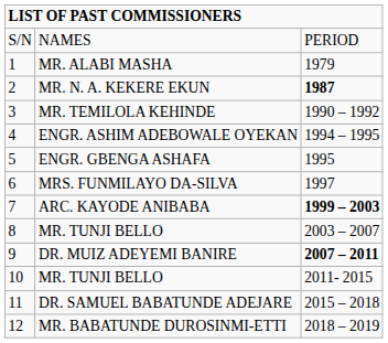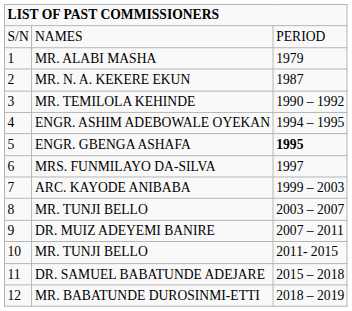 <table class="wikitable">
 <tr>
 <td colspan="3"><strong>LIST OF PAST COMMISSIONERS</strong></td>
 </tr>
 <tr>
 <td>S/N</td>
 <td>NAMES</td>
 <td>PERIOD</td>
 </tr>
 <tr>
 <td>1</td>
 <td>MR. ALABI MASHA</td>
 <td>1979</td>
 </tr>
 <tr>
 <td>2</td>
 <td>MR. N. A. KEKERE EKUN</td>
-<td><strong>1987</strong></td>
+<td>1987</td>
 </tr>
 <tr>
 <td>3</td>
 <td>MR. TEMILOLA KEHINDE</td>
 <td>1990 – 1992</td>
 </tr>
 <tr>
 <td>4</td>
 <td>ENGR. ASHIM ADEBOWALE OYEKAN</td>
 <td>1994 – 1995</td>
 </tr>
 <tr>
 <td>5</td>
 <td>ENGR. GBENGA  ASHAFA</td>
-<td>1995</td>
+<td><strong>1995</strong></td>
 </tr>
 <tr>
 <td>6</td>
 <td>MRS. FUNMILAYO DA-SILVA</td>
 <td>1997</td>
 </tr>
 <tr>
 <td>7</td>
 <td>ARC. KAYODE ANIBABA</td>
-<td><strong>1999 – 2003</strong></td>
+<td>1999 – 2003</td>
 </tr>
 <tr>
 <td>8</td>
 <td>MR. TUNJI BELLO</td>
 <td>2003 – 2007</td>
 </tr>
 <tr>
 <td>9</td>
 <td>DR. MUIZ ADEYEMI BANIRE</td>
-<td><strong>2007 – 2011</strong></td>
+<td>2007 – 2011</td>
 </tr>
 <tr>
 <td>10</td>
 <td>MR. TUNJI BELLO</td>
 <td>2011- 2015</td>
 </tr>
 <tr>
 <td>11</td>
 <td>DR. SAMUEL BABATUNDE ADEJARE</td>
 <td>2015 – 2018</td>
 </tr>
 <tr>
 <td>12</td>
 <td>MR. BABATUNDE DUROSINMI-ETTI</td>
 <td>2018 – 2019</td>
 </tr>
 </table>
